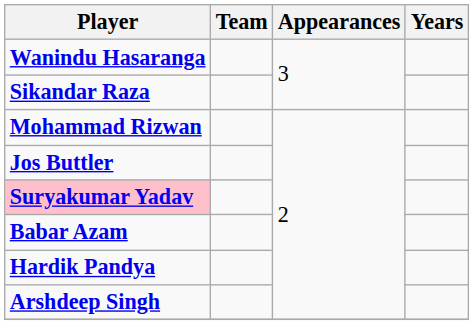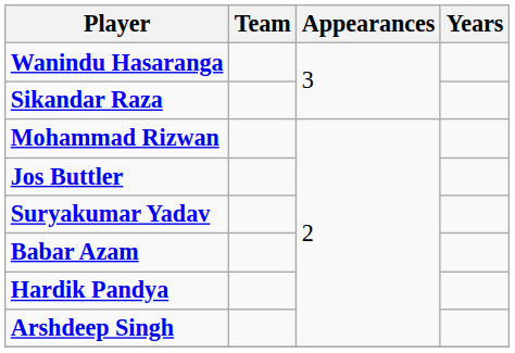 <table class="wikitable">
 <tr>
 <th>Player</th>
 <th>Team</th>
 <th>Appearances</th>
 <th>Years</th>
 </tr>
 <tr>
 <td><strong><a href='#'>Wanindu Hasaranga</a></strong></td>
 <td></td>
 <td rowspan=2>3</td>
 <td></td>
 </tr>
 <tr>
 <td><strong><a href='#'>Sikandar Raza</a></strong></td>
 <td></td>
 <td></td>
 </tr>
 <tr>
 <td><strong><a href='#'>Mohammad Rizwan</a></strong></td>
 <td></td>
 <td rowspan=6>2</td>
 <td></td>
 </tr>
 <tr>
 <td><strong><a href='#'>Jos Buttler</a></strong></td>
 <td></td>
 <td></td>
 </tr>
 <tr>
-<td style="background: pink;"><strong><a href='#'>Suryakumar Yadav</a></strong></td>
+<td><strong><a href='#'>Suryakumar Yadav</a></strong></td>
 <td></td>
 <td></td>
 </tr>
 <tr>
 <td><strong><a href='#'>Babar Azam</a></strong></td>
 <td></td>
 <td></td>
 </tr>
 <tr>
 <td><strong><a href='#'>Hardik Pandya</a></strong></td>
 <td></td>
 <td></td>
 </tr>
 <tr>
 <td><strong><a href='#'>Arshdeep Singh</a></strong></td>
 <td></td>
 <td></td>
 </tr>
 <tr>
 </tr>
 </table>
